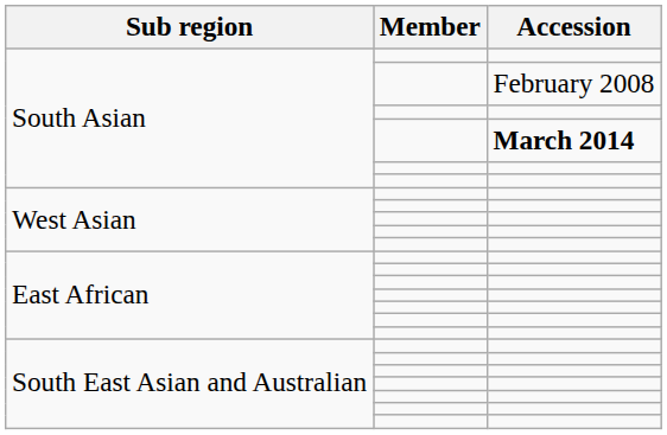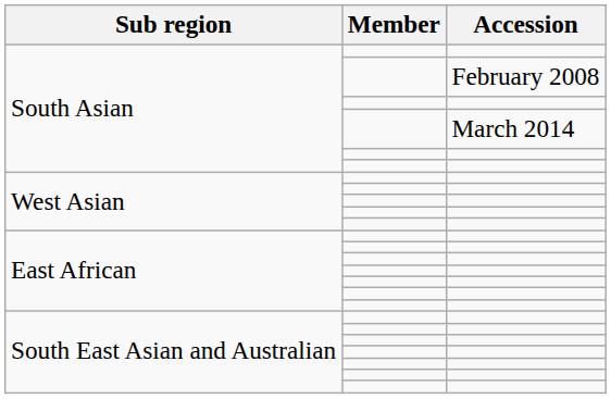 <table class="wikitable">
 <tr>
 <th>Sub region</th>
 <th>Member</th>
 <th>Accession</th>
 </tr>
 <tr>
 <td rowspan="6">South Asian</td>
 <td></td>
 <td></td>
 </tr>
 <tr>
 <td></td>
 <td>February 2008</td>
 </tr>
 <tr>
 <td></td>
 <td></td>
 </tr>
 <tr>
 <td></td>
-<td><strong>March 2014</strong></td>
+<td>March 2014</td>
 </tr>
 <tr>
 <td></td>
 <td></td>
 </tr>
 <tr>
 <td></td>
 <td></td>
 </tr>
 <tr>
 <td rowspan="5">West Asian</td>
 <td></td>
 <td></td>
 </tr>
 <tr>
 <td></td>
 <td></td>
 </tr>
 <tr>
 <td></td>
 <td></td>
 </tr>
 <tr>
 <td></td>
 <td></td>
 </tr>
 <tr>
 <td></td>
 <td></td>
 </tr>
 <tr>
 <td rowspan="7">East African</td>
 <td></td>
 <td></td>
 </tr>
 <tr>
 <td></td>
 <td></td>
 </tr>
 <tr>
 <td></td>
 <td></td>
 </tr>
 <tr>
 <td></td>
 <td></td>
 </tr>
 <tr>
 <td></td>
 <td></td>
 </tr>
 <tr>
 <td></td>
 <td></td>
 </tr>
 <tr>
 <td></td>
 <td></td>
 </tr>
 <tr>
 <td rowspan="7">South East Asian and Australian</td>
 <td></td>
 <td></td>
 </tr>
 <tr>
 <td></td>
 <td></td>
 </tr>
 <tr>
 <td></td>
 <td></td>
 </tr>
 <tr>
 <td></td>
 <td></td>
 </tr>
 <tr>
 <td></td>
 <td></td>
 </tr>
 <tr>
 <td></td>
 <td></td>
 </tr>
 <tr>
 <td></td>
 <td></td>
 </tr>
 </table>
